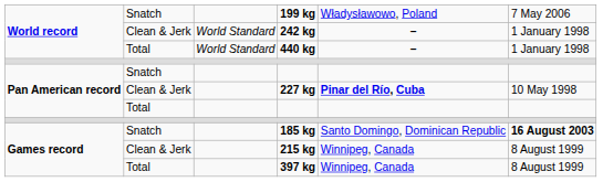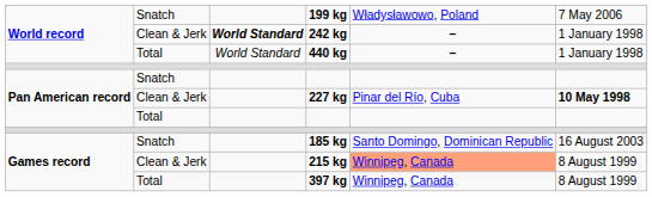 <table class="wikitable">
 <tr>
 <td rowspan=3><strong><a href='#'>World record</a></strong></td>
 <td>Snatch</td>
 <td></td>
 <td><strong>199 kg</strong></td>
 <td><a href='#'>Władysławowo</a>, <a href='#'>Poland</a></td>
 <td>7 May 2006</td>
 </tr>
 <tr>
 <td>Clean & Jerk</td>
-<td align=center><em>World Standard</em></td>
+<td align=center><strong><em>World Standard</em></strong></td>
 <td><strong>242 kg</strong></td>
 <td align=center><strong>–</strong></td>
 <td>1 January 1998</td>
 </tr>
 <tr>
 <td>Total</td>
 <td align=center><em>World Standard</em></td>
 <td><strong>440 kg</strong></td>
 <td align=center><strong>–</strong></td>
 <td>1 January 1998</td>
 </tr>
 <tr style="background-color:#DDDDDD;">
 <td colspan=6></td>
 </tr>
 <tr>
 <td rowspan=3><strong>Pan American record</strong></td>
 <td>Snatch</td>
 <td></td>
 <td></td>
 <td></td>
 <td></td>
 </tr>
 <tr>
 <td>Clean & Jerk</td>
 <td></td>
 <td><strong>227 kg</strong></td>
-<td><strong><a href='#'>Pinar del Río</a>, <a href='#'>Cuba</a></strong></td>
-<td>10 May 1998</td>
+<td><a href='#'>Pinar del Río</a>, <a href='#'>Cuba</a></td>
+<td><strong>10 May 1998</strong></td>
 </tr>
 <tr>
 <td>Total</td>
 <td></td>
 <td></td>
 <td></td>
 <td></td>
 </tr>
 <tr style="background-color:#DDDDDD;">
 <td colspan=6></td>
 </tr>
 <tr>
 <td rowspan=3><strong>Games record</strong></td>
 <td>Snatch</td>
 <td></td>
 <td><strong>185 kg</strong></td>
 <td><a href='#'>Santo Domingo</a>, <a href='#'>Dominican Republic</a></td>
-<td><strong>16 August 2003</strong></td>
+<td>16 August 2003</td>
 </tr>
 <tr>
 <td>Clean & Jerk</td>
 <td></td>
 <td><strong>215 kg</strong></td>
-<td><a href='#'>Winnipeg</a>, <a href='#'>Canada</a></td>
+<td style="background: lightsalmon;"><a href='#'>Winnipeg</a>, <a href='#'>Canada</a></td>
 <td>8 August 1999</td>
 </tr>
 <tr>
 <td>Total</td>
 <td></td>
 <td><strong>397 kg</strong></td>
 <td><a href='#'>Winnipeg</a>, <a href='#'>Canada</a></td>
 <td>8 August 1999</td>
 </tr>
 </table>
